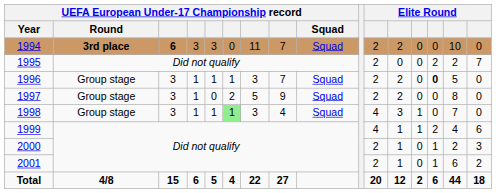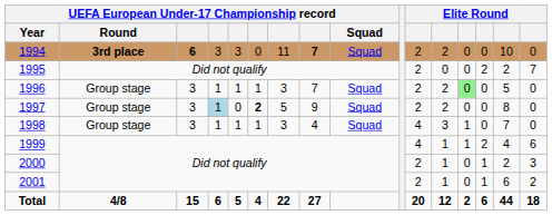 <table class="wikitable" style="text-align: center;">
 <tr>
 <th colspan=9><a href='#'>UEFA European Under-17 Championship</a> record</th>
 <th style="width:1%;" rowspan="30"></th>
 <th colspan=6><a href='#'>Elite Round</a></th>
 </tr>
 <tr>
 <th>Year</th>
 <th>Round</th>
 <th></th>
 <th></th>
 <th></th>
 <th></th>
 <th></th>
 <th></th>
 <th>Squad</th>
 <th></th>
 <th></th>
 <th></th>
 <th></th>
 <th></th>
 <th></th>
 </tr>
 <tr style="background:#c96;">
 <td> <a href='#'>1994</a></td>
 <td><strong>3rd place</strong></td>
 <td><strong>6</strong></td>
 <td>3</td>
 <td>3</td>
 <td>0</td>
 <td>11</td>
-<td>7</td>
+<td><strong>7</strong></td>
 <td><a href='#'>Squad</a></td>
 <td>2</td>
 <td>2</td>
 <td>0</td>
 <td>0</td>
 <td>10</td>
 <td>0</td>
 </tr>
 <tr>
 <td> <a href='#'>1995</a></td>
 <td rowspan="1" colspan=8><em>Did not qualify</em></td>
 <td>2</td>
 <td>0</td>
 <td>0</td>
 <td>2</td>
 <td>2</td>
 <td>7</td>
 </tr>
 <tr>
 <td> <a href='#'>1996</a></td>
 <td>Group stage</td>
 <td>3</td>
 <td>1</td>
 <td>1</td>
 <td>1</td>
 <td>3</td>
 <td>7</td>
 <td><a href='#'>Squad</a></td>
 <td>2</td>
 <td>2</td>
+<td style="background: lightgreen;">0</td>
 <td>0</td>
-<td><strong>0</strong></td>
 <td>5</td>
 <td>0</td>
 </tr>
 <tr>
 <td> <a href='#'>1997</a></td>
 <td>Group stage</td>
 <td>3</td>
-<td>1</td>
+<td style="background: lightblue;">1</td>
 <td>0</td>
-<td>2</td>
+<td><strong>2</strong></td>
 <td>5</td>
 <td>9</td>
 <td><a href='#'>Squad</a></td>
 <td>2</td>
 <td>2</td>
 <td>0</td>
 <td>0</td>
 <td>8</td>
 <td>0</td>
 </tr>
 <tr>
 <td> <a href='#'>1998</a></td>
 <td>Group stage</td>
 <td>3</td>
 <td>1</td>
 <td>1</td>
-<td style="background: lightgreen;">1</td>
+<td>1</td>
 <td>3</td>
 <td>4</td>
 <td><a href='#'>Squad</a></td>
 <td>4</td>
 <td>3</td>
 <td>1</td>
 <td>0</td>
 <td>7</td>
 <td>0</td>
 </tr>
 <tr>
 <td> <a href='#'>1999</a></td>
 <td rowspan="3" colspan=8><em>Did not qualify</em></td>
 <td>4</td>
 <td>1</td>
 <td>1</td>
 <td>2</td>
 <td>4</td>
 <td>6</td>
 </tr>
 <tr>
 <td> <a href='#'>2000</a></td>
 <td>2</td>
 <td>1</td>
 <td>0</td>
 <td>1</td>
 <td>2</td>
 <td>3</td>
 </tr>
 <tr>
 <td> <a href='#'>2001</a></td>
 <td>2</td>
 <td>1</td>
 <td>0</td>
 <td>1</td>
 <td>6</td>
 <td>2</td>
 </tr>
 <tr>
 <td><strong>Total</strong></td>
 <td><strong>4/8</strong></td>
 <td><strong>15</strong></td>
 <td><strong>6</strong></td>
 <td><strong>5</strong></td>
 <td><strong>4</strong></td>
 <td><strong>22</strong></td>
 <td><strong>27</strong></td>
 <td></td>
 <td><strong>20</strong></td>
 <td><strong>12</strong></td>
 <td><strong>2</strong></td>
 <td><strong>6</strong></td>
 <td><strong>44</strong></td>
 <td><strong>18</strong></td>
 </tr>
 </table>
